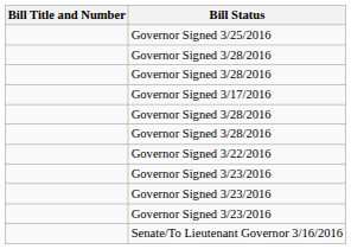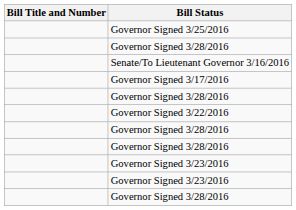 <table class="wikitable">
 <tr>
 <th>Bill Title and Number</th>
 <th>Bill Status</th>
 </tr>
 <tr>
 <td></td>
 <td>Governor Signed 3/25/2016</td>
 </tr>
 <tr>
 <td></td>
 <td>Governor Signed 3/28/2016</td>
 </tr>
 <tr>
 <td></td>
-<td>Governor Signed 3/28/2016</td>
+<td>Senate/To Lieutenant Governor 3/16/2016</td>
 </tr>
 <tr>
 <td></td>
 <td>Governor Signed 3/17/2016</td>
 </tr>
 <tr>
 <td></td>
 <td>Governor Signed 3/28/2016</td>
 </tr>
 <tr>
 <td></td>
+<td>Governor Signed 3/22/2016</td>
+</tr>
+<tr>
+<td></td>
 <td>Governor Signed 3/28/2016</td>
 </tr>
 <tr>
 <td></td>
-<td>Governor Signed 3/22/2016</td>
+<td>Governor Signed 3/28/2016</td>
 </tr>
 <tr>
 <td></td>
 <td>Governor Signed 3/23/2016</td>
 </tr>
 <tr>
 <td></td>
 <td>Governor Signed 3/23/2016</td>
 </tr>
 <tr>
 <td></td>
-<td>Governor Signed 3/23/2016</td>
-</tr>
-<tr>
-<td></td>
-<td>Senate/To Lieutenant Governor 3/16/2016</td>
+<td>Governor Signed 3/28/2016</td>
 </tr>
 </table>
